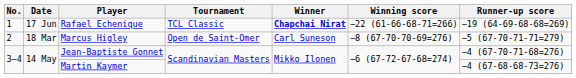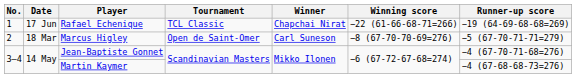 <table class="wikitable" style="font-size:95%;">
 <tr>
 <th>No.</th>
 <th>Date</th>
 <th>Player</th>
 <th>Tournament</th>
 <th>Winner</th>
 <th>Winning score</th>
 <th>Runner-up score</th>
 </tr>
 <tr>
 <td>1</td>
 <td>17 Jun</td>
 <td> <a href='#'>Rafael Echenique</a></td>
 <td><a href='#'>TCL Classic</a></td>
-<td><strong> <a href='#'>Chapchai Nirat</a></strong></td>
+<td> <a href='#'>Chapchai Nirat</a></td>
 <td>−22 (61-66-68-71=266)</td>
 <td>−19 (64-69-68-68=269)</td>
 </tr>
 <tr>
 <td>2</td>
 <td>18 Mar</td>
 <td> <a href='#'>Marcus Higley</a></td>
 <td><a href='#'>Open de Saint-Omer</a></td>
 <td> <a href='#'>Carl Suneson</a></td>
 <td>−8 (67-70-70-69=276)</td>
 <td>−5 (67-70-71-71=279)</td>
 </tr>
 <tr>
 <td rowspan=2>3–4</td>
 <td rowspan=2>14 May</td>
 <td> <a href='#'>Jean-Baptiste Gonnet</a></td>
 <td rowspan=2><a href='#'>Scandinavian Masters</a></td>
 <td rowspan=2> <a href='#'>Mikko Ilonen</a></td>
 <td rowspan=2>−6 (67-72-67-68=274)</td>
 <td>−4 (67-70-71-68=276)</td>
 </tr>
 <tr>
 <td> <a href='#'>Martin Kaymer</a></td>
 <td>−4 (67-68-68-73=276)</td>
 </tr>
 </table>
